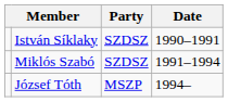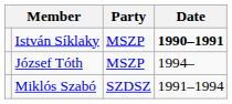 <table class=wikitable>
 <tr>
 <th colspan=2>Member</th>
 <th>Party</th>
 <th>Date</th>
 </tr>
 <tr>
 <td style="background-color:"></td>
 <td><a href='#'>István Síklaky</a></td>
-<td><a href='#'>SZDSZ</a></td>
-<td>1990–1991</td>
+<td><a href='#'>MSZP</a></td>
+<td><strong>1990–1991</strong></td>
+</tr>
+<tr>
+<td style="background-color:"></td>
+<td><a href='#'>József Tóth</a></td>
+<td><a href='#'>MSZP</a></td>
+<td>1994–</td>
 </tr>
 <tr>
 <td style="background-color:"></td>
 <td><a href='#'>Miklós Szabó</a></td>
 <td><a href='#'>SZDSZ</a></td>
 <td>1991–1994</td>
 </tr>
-<tr>
-<td style="background-color:"></td>
-<td><a href='#'>József Tóth</a></td>
-<td><a href='#'>MSZP</a></td>
-<td>1994–</td>
-</tr>
 </table>
